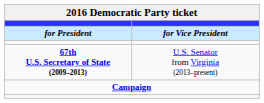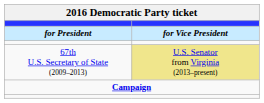 <table class="wikitable" style="font-size:90%; text-align:center;">
 <tr>
 <td style="background:#f1f1f1;" colspan="30"><big><strong>2016 Democratic Party ticket </strong></big></td>
 </tr>
 <tr>
 <th style="width:3em; font-size:135%; background:#2633FF; width:200px;"><a href='#'></a></th>
 <th style="width:3em; font-size:135%; background:#2633FF; width:200px;"><a href='#'></a></th>
 </tr>
 <tr>
 <td style="width:3em; font-size:100%; color:#000; background:#C8EBFF; width:200px;"><strong><em>for President</em></strong></td>
 <td style="width:3em; font-size:100%; color:#000; background:#C8EBFF; width:200px;"><strong><em>for Vice President</em></strong></td>
 </tr>
 <tr>
 <td></td>
 <td></td>
 </tr>
 <tr>
-<td><strong><a href='#'>67th</a><br><a href='#'>U.S. Secretary of State</a><br><small>(2009–2013)</small></strong></td>
-<td><a href='#'>U.S. Senator</a><br>from <a href='#'>Virginia</a><br><small>(2013–present)</small></td>
+<td><a href='#'>67th</a><br><a href='#'>U.S. Secretary of State</a><br><small>(2009–2013)</small></td>
+<td style="background: khaki;"><a href='#'>U.S. Senator</a><br>from <a href='#'>Virginia</a><br><small>(2013–present)</small></td>
 </tr>
 <tr>
 <td colspan=2><a href='#'><strong>Campaign</strong></a></td>
 </tr>
 <tr>
 <td colspan=2></td>
 </tr>
 </table>
